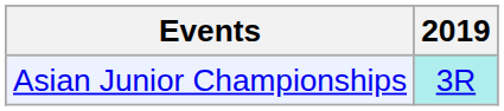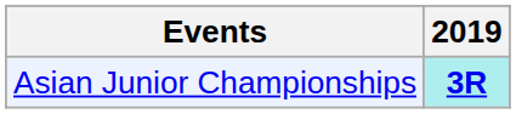 <table style='font-size: 90%; text-align:center;' class='wikitable'>
 <tr>
 <th>Events</th>
 <th>2019</th>
 </tr>
 <tr>
 <td bgcolor="#ECF2FF"; align="left"><a href='#'>Asian Junior Championships</a></td>
-<td bgcolor=AFEEEE><a href='#'>3R</a></td>
+<td bgcolor=AFEEEE><strong><a href='#'>3R</a></strong></td>
 </tr>
 </table>
